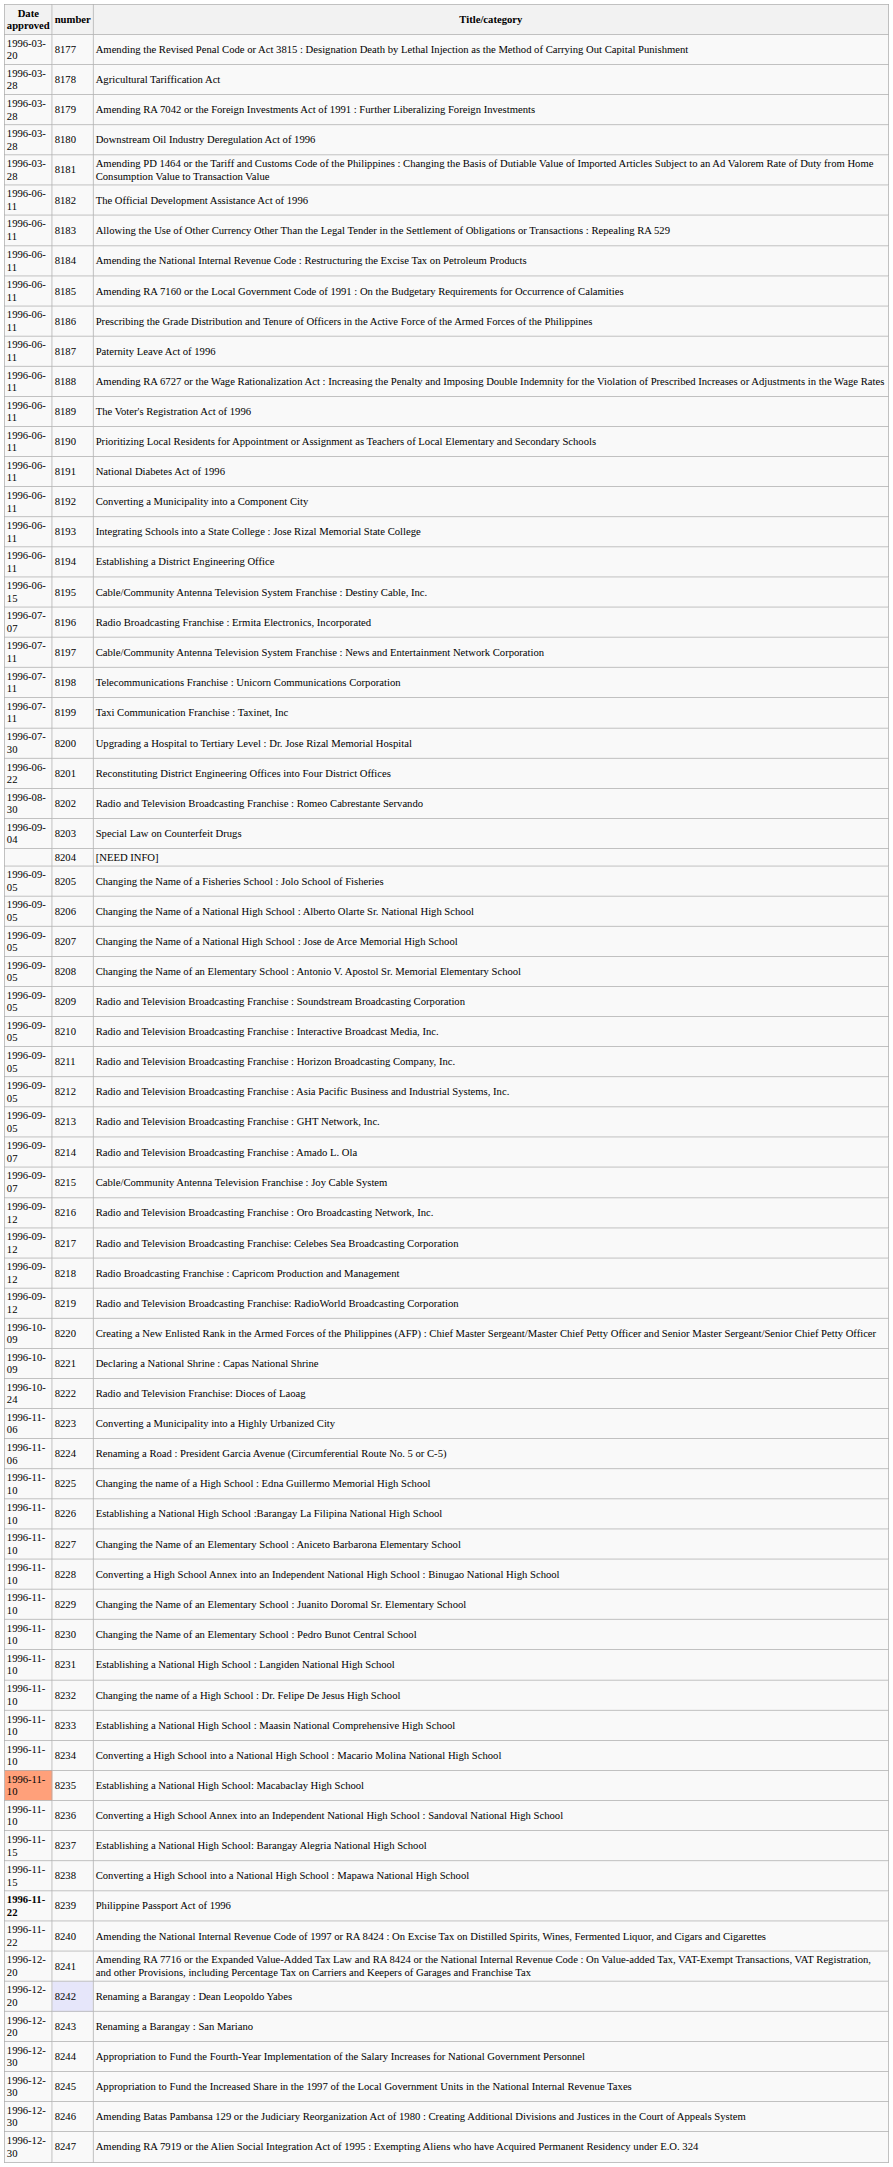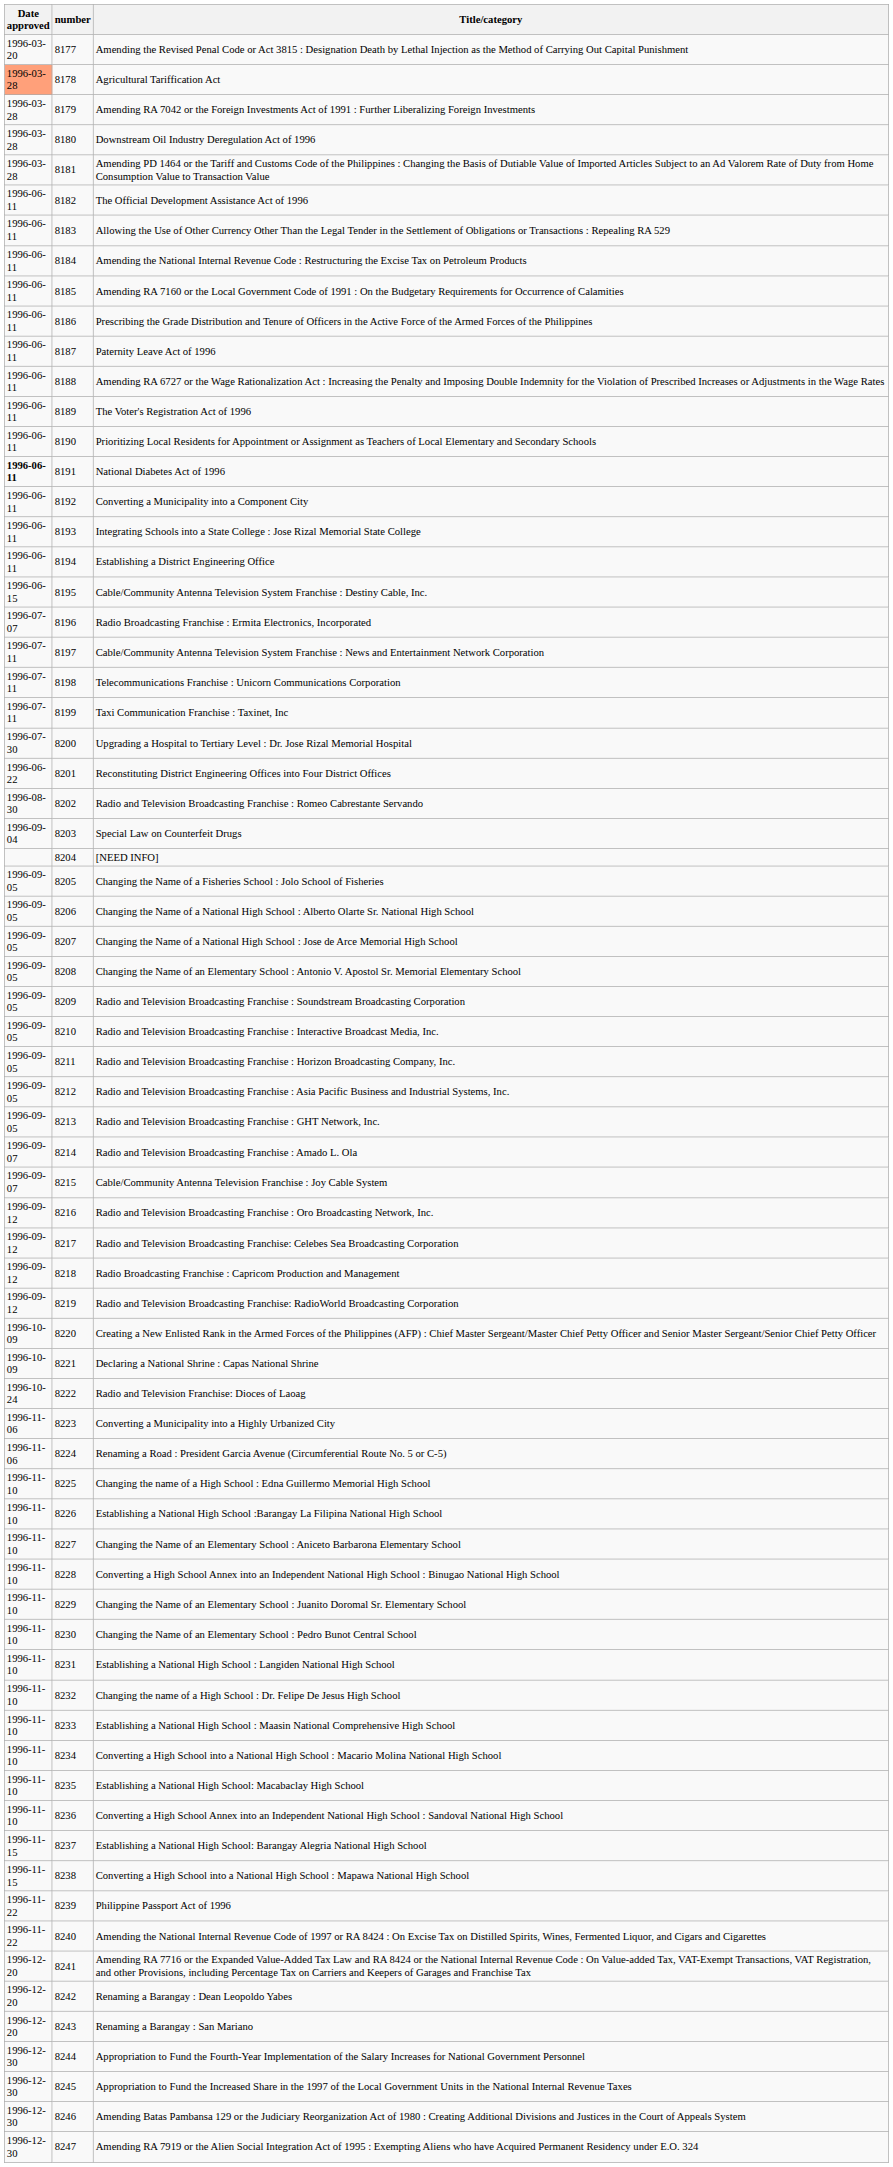 <table class="wikitable sortable collapsible collapsed plainrowheaders" style="width: 100%; font-size: 95%">
 <tr>
 <th scope="col" data-sort-type="isoDate" style="width:  50px;">Date approved</th>
 <th scope="col"> number</th>
 <th scope="col">Title/category</th>
 </tr>
 <tr>
 <td>1996-03-20</td>
 <td>8177</td>
 <td>Amending the Revised Penal Code or Act 3815 : Designation Death by Lethal Injection as the Method of Carrying Out Capital Punishment</td>
 </tr>
 <tr>
-<td>1996-03-28</td>
+<td style="background: lightsalmon;">1996-03-28</td>
 <td>8178</td>
 <td>Agricultural Tariffication Act</td>
 </tr>
 <tr>
 <td>1996-03-28</td>
 <td>8179</td>
 <td>Amending RA 7042 or the Foreign Investments Act of 1991 : Further Liberalizing Foreign Investments</td>
 </tr>
 <tr>
 <td>1996-03-28</td>
 <td>8180</td>
 <td>Downstream Oil Industry Deregulation Act of 1996</td>
 </tr>
 <tr>
 <td>1996-03-28</td>
 <td>8181</td>
 <td>Amending PD 1464 or the Tariff and Customs Code of the Philippines : Changing the Basis of Dutiable Value of Imported Articles Subject to an Ad Valorem Rate of Duty from Home Consumption Value to Transaction Value</td>
 </tr>
 <tr>
 <td>1996-06-11</td>
 <td>8182</td>
 <td>The Official Development Assistance Act of 1996</td>
 </tr>
 <tr>
 <td>1996-06-11</td>
 <td>8183</td>
 <td>Allowing the Use of Other Currency Other Than the Legal Tender in the Settlement of Obligations or Transactions : Repealing RA 529</td>
 </tr>
 <tr>
 <td>1996-06-11</td>
 <td>8184</td>
 <td>Amending the National Internal Revenue Code : Restructuring the Excise Tax on Petroleum Products</td>
 </tr>
 <tr>
 <td>1996-06-11</td>
 <td>8185</td>
 <td>Amending RA 7160 or the Local Government Code of 1991 : On the Budgetary Requirements for Occurrence of Calamities</td>
 </tr>
 <tr>
 <td>1996-06-11</td>
 <td>8186</td>
 <td>Prescribing the Grade Distribution and Tenure of Officers in the Active Force of the Armed Forces of the Philippines</td>
 </tr>
 <tr>
 <td>1996-06-11</td>
 <td>8187</td>
 <td>Paternity Leave Act of 1996</td>
 </tr>
 <tr>
 <td>1996-06-11</td>
 <td>8188</td>
 <td>Amending RA 6727 or the Wage Rationalization Act : Increasing the Penalty and Imposing Double Indemnity for the Violation of Prescribed Increases or Adjustments in the Wage Rates</td>
 </tr>
 <tr>
 <td>1996-06-11</td>
 <td>8189</td>
 <td>The Voter's Registration Act of 1996</td>
 </tr>
 <tr>
 <td>1996-06-11</td>
 <td>8190</td>
 <td>Prioritizing Local Residents for Appointment or Assignment as Teachers of Local Elementary and Secondary Schools</td>
 </tr>
 <tr>
-<td>1996-06-11</td>
+<td><strong>1996-06-11</strong></td>
 <td>8191</td>
 <td>National Diabetes Act of 1996</td>
 </tr>
 <tr>
 <td>1996-06-11</td>
 <td>8192</td>
 <td>Converting a Municipality into a Component City</td>
 </tr>
 <tr>
 <td>1996-06-11</td>
 <td>8193</td>
 <td>Integrating Schools into a State College : Jose Rizal Memorial State College</td>
 </tr>
 <tr>
 <td>1996-06-11</td>
 <td>8194</td>
 <td>Establishing a District Engineering Office</td>
 </tr>
 <tr>
 <td>1996-06-15</td>
 <td>8195</td>
 <td>Cable/Community Antenna Television System Franchise : Destiny Cable, Inc.</td>
 </tr>
 <tr>
 <td>1996-07-07</td>
 <td>8196</td>
 <td>Radio Broadcasting Franchise : Ermita Electronics, Incorporated</td>
 </tr>
 <tr>
 <td>1996-07-11</td>
 <td>8197</td>
 <td>Cable/Community Antenna Television System Franchise : News and Entertainment Network Corporation</td>
 </tr>
 <tr>
 <td>1996-07-11</td>
 <td>8198</td>
 <td>Telecommunications Franchise : Unicorn Communications Corporation</td>
 </tr>
 <tr>
 <td>1996-07-11</td>
 <td>8199</td>
 <td>Taxi Communication Franchise : Taxinet, Inc</td>
 </tr>
 <tr>
 <td>1996-07-30</td>
 <td>8200</td>
 <td>Upgrading a Hospital to Tertiary Level : Dr. Jose Rizal Memorial Hospital</td>
 </tr>
 <tr>
 <td>1996-06-22</td>
 <td>8201</td>
 <td>Reconstituting District Engineering Offices into Four District Offices</td>
 </tr>
 <tr>
 <td>1996-08-30</td>
 <td>8202</td>
 <td>Radio and Television Broadcasting Franchise : Romeo Cabrestante Servando</td>
 </tr>
 <tr>
 <td>1996-09-04</td>
 <td>8203</td>
 <td>Special Law on Counterfeit Drugs</td>
 </tr>
 <tr>
 <td></td>
 <td>8204</td>
 <td>[NEED INFO]</td>
 </tr>
 <tr>
 <td>1996-09-05</td>
 <td>8205</td>
 <td>Changing the Name of a Fisheries School : Jolo School of Fisheries</td>
 </tr>
 <tr>
 <td>1996-09-05</td>
 <td>8206</td>
 <td>Changing the Name of a National High School : Alberto Olarte Sr. National High School</td>
 </tr>
 <tr>
 <td>1996-09-05</td>
 <td>8207</td>
 <td>Changing the Name of a National High School : Jose de Arce Memorial High School</td>
 </tr>
 <tr>
 <td>1996-09-05</td>
 <td>8208</td>
 <td>Changing the Name of an Elementary School : Antonio V. Apostol Sr. Memorial Elementary School</td>
 </tr>
 <tr>
 <td>1996-09-05</td>
 <td>8209</td>
 <td>Radio and Television Broadcasting Franchise : Soundstream Broadcasting Corporation</td>
 </tr>
 <tr>
 <td>1996-09-05</td>
 <td>8210</td>
 <td>Radio and Television Broadcasting Franchise : Interactive Broadcast Media, Inc.</td>
 </tr>
 <tr>
 <td>1996-09-05</td>
 <td>8211</td>
 <td>Radio and Television Broadcasting Franchise : Horizon Broadcasting Company, Inc.</td>
 </tr>
 <tr>
 <td>1996-09-05</td>
 <td>8212</td>
 <td>Radio and Television Broadcasting Franchise : Asia Pacific Business and Industrial Systems, Inc.</td>
 </tr>
 <tr>
 <td>1996-09-05</td>
 <td>8213</td>
 <td>Radio and Television Broadcasting Franchise : GHT Network, Inc.</td>
 </tr>
 <tr>
 <td>1996-09-07</td>
 <td>8214</td>
 <td>Radio and Television Broadcasting Franchise : Amado L. Ola</td>
 </tr>
 <tr>
 <td>1996-09-07</td>
 <td>8215</td>
 <td>Cable/Community Antenna Television Franchise : Joy Cable System</td>
 </tr>
 <tr>
 <td>1996-09-12</td>
 <td>8216</td>
 <td>Radio and Television Broadcasting Franchise : Oro Broadcasting Network, Inc.</td>
 </tr>
 <tr>
 <td>1996-09-12</td>
 <td>8217</td>
 <td>Radio and Television Broadcasting Franchise: Celebes Sea Broadcasting Corporation</td>
 </tr>
 <tr>
 <td>1996-09-12</td>
 <td>8218</td>
 <td>Radio Broadcasting Franchise : Capricom Production and Management</td>
 </tr>
 <tr>
 <td>1996-09-12</td>
 <td>8219</td>
 <td>Radio and Television Broadcasting Franchise: RadioWorld Broadcasting Corporation</td>
 </tr>
 <tr>
 <td>1996-10-09</td>
 <td>8220</td>
 <td>Creating a New Enlisted Rank in the Armed Forces of the Philippines (AFP) : Chief Master Sergeant/Master Chief Petty Officer and Senior Master Sergeant/Senior Chief Petty Officer</td>
 </tr>
 <tr>
 <td>1996-10-09</td>
 <td>8221</td>
 <td>Declaring a National Shrine : Capas National Shrine</td>
 </tr>
 <tr>
 <td>1996-10-24</td>
 <td>8222</td>
 <td>Radio and Television Franchise: Dioces of Laoag</td>
 </tr>
 <tr>
 <td>1996-11-06</td>
 <td>8223</td>
 <td>Converting a Municipality into a Highly Urbanized City</td>
 </tr>
 <tr>
 <td>1996-11-06</td>
 <td>8224</td>
 <td>Renaming a Road : President Garcia Avenue (Circumferential Route No. 5 or C-5)</td>
 </tr>
 <tr>
 <td>1996-11-10</td>
 <td>8225</td>
 <td>Changing the name of a High School : Edna Guillermo Memorial High School</td>
 </tr>
 <tr>
 <td>1996-11-10</td>
 <td>8226</td>
 <td>Establishing a National High School :Barangay La Filipina National High School</td>
 </tr>
 <tr>
 <td>1996-11-10</td>
 <td>8227</td>
 <td>Changing the Name of an Elementary School : Aniceto Barbarona Elementary School</td>
 </tr>
 <tr>
 <td>1996-11-10</td>
 <td>8228</td>
 <td>Converting a High School Annex into an Independent National High School : Binugao National High School</td>
 </tr>
 <tr>
 <td>1996-11-10</td>
 <td>8229</td>
 <td>Changing the Name of an Elementary School : Juanito Doromal Sr. Elementary School</td>
 </tr>
 <tr>
 <td>1996-11-10</td>
 <td>8230</td>
 <td>Changing the Name of an Elementary School : Pedro Bunot Central School</td>
 </tr>
 <tr>
 <td>1996-11-10</td>
 <td>8231</td>
 <td>Establishing a National High School : Langiden National High School</td>
 </tr>
 <tr>
 <td>1996-11-10</td>
 <td>8232</td>
 <td>Changing the name of a High School : Dr. Felipe De Jesus High School</td>
 </tr>
 <tr>
 <td>1996-11-10</td>
 <td>8233</td>
 <td>Establishing a National High School : Maasin National Comprehensive High School</td>
 </tr>
 <tr>
 <td>1996-11-10</td>
 <td>8234</td>
 <td>Converting a High School into a National High School : Macario Molina National High School</td>
 </tr>
 <tr>
-<td style="background: lightsalmon;">1996-11-10</td>
+<td>1996-11-10</td>
 <td>8235</td>
 <td>Establishing a National High School: Macabaclay High School</td>
 </tr>
 <tr>
 <td>1996-11-10</td>
 <td>8236</td>
 <td>Converting a High School Annex into an Independent National High School : Sandoval National High School</td>
 </tr>
 <tr>
 <td>1996-11-15</td>
 <td>8237</td>
 <td>Establishing a National High School: Barangay Alegria National High School</td>
 </tr>
 <tr>
 <td>1996-11-15</td>
 <td>8238</td>
 <td>Converting a High School into a National High School : Mapawa National High School</td>
 </tr>
 <tr>
-<td><strong>1996-11-22</strong></td>
+<td>1996-11-22</td>
 <td>8239</td>
 <td>Philippine Passport Act of 1996</td>
 </tr>
 <tr>
 <td>1996-11-22</td>
 <td>8240</td>
 <td>Amending the National Internal Revenue Code of 1997 or RA 8424 : On Excise Tax on Distilled Spirits, Wines, Fermented Liquor, and Cigars and Cigarettes</td>
 </tr>
 <tr>
 <td>1996-12-20</td>
 <td>8241</td>
 <td>Amending RA 7716 or the Expanded Value-Added Tax Law and RA 8424 or the National Internal Revenue Code : On Value-added Tax, VAT-Exempt Transactions, VAT Registration, and other Provisions, including Percentage Tax on Carriers and Keepers of Garages and Franchise Tax</td>
 </tr>
 <tr>
 <td>1996-12-20</td>
-<td style="background: lavender;">8242</td>
+<td>8242</td>
 <td>Renaming a Barangay : Dean Leopoldo Yabes</td>
 </tr>
 <tr>
 <td>1996-12-20</td>
 <td>8243</td>
 <td>Renaming a Barangay : San Mariano</td>
 </tr>
 <tr>
 <td>1996-12-30</td>
 <td>8244</td>
 <td>Appropriation to Fund the Fourth-Year Implementation of the Salary Increases for National Government Personnel</td>
 </tr>
 <tr>
 <td>1996-12-30</td>
 <td>8245</td>
 <td>Appropriation to Fund the Increased Share in the 1997 of the Local Government Units in the National Internal Revenue Taxes</td>
 </tr>
 <tr>
 <td>1996-12-30</td>
 <td>8246</td>
 <td>Amending Batas Pambansa 129 or the Judiciary Reorganization Act of 1980 : Creating Additional Divisions and Justices in the Court of Appeals System</td>
 </tr>
 <tr>
 <td>1996-12-30</td>
 <td>8247</td>
 <td>Amending RA 7919 or the Alien Social Integration Act of 1995 : Exempting Aliens who have Acquired Permanent Residency under E.O. 324</td>
 </tr>
 </table>
